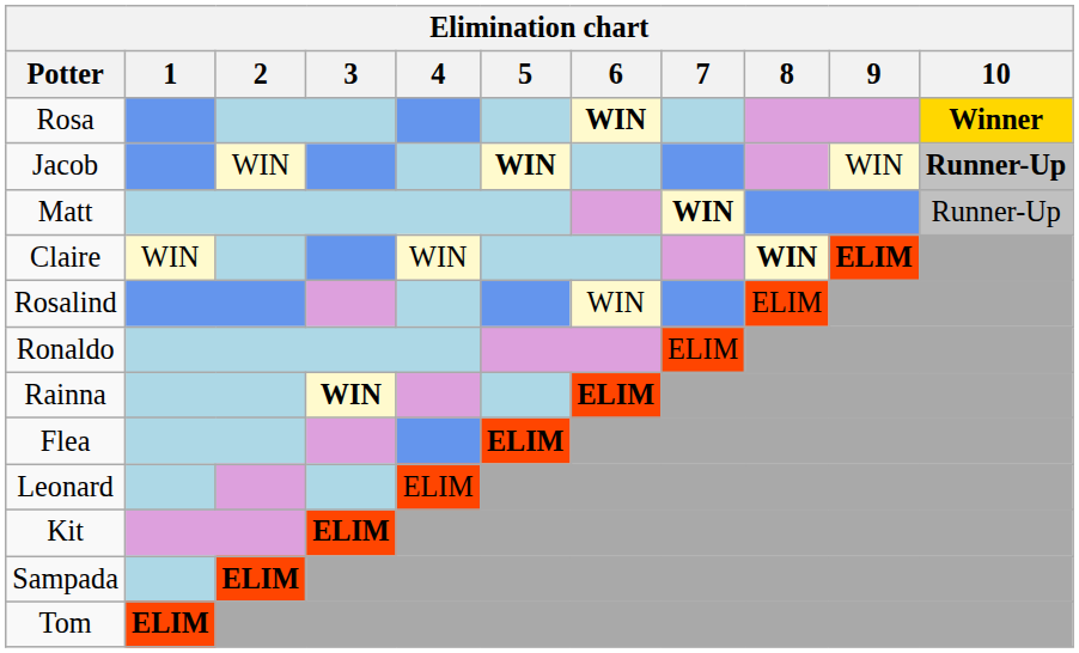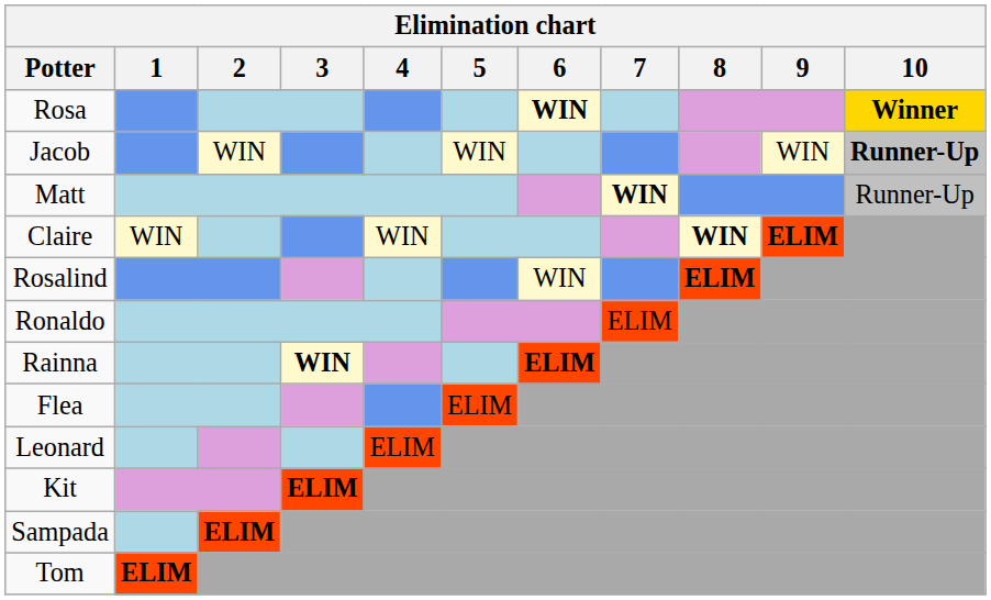 <table class="wikitable" style="text-align:center">
 <tr>
 <th colspan="11">Elimination chart</th>
 </tr>
 <tr>
 <th>Potter</th>
 <th>1</th>
 <th>2</th>
 <th>3</th>
 <th>4</th>
 <th>5</th>
 <th>6</th>
 <th>7</th>
 <th>8</th>
 <th>9</th>
 <th>10</th>
 </tr>
 <tr>
 <td>Rosa</td>
 <td style="background:Cornflowerblue;"></td>
 <td colspan="2"  style="background:Lightblue;"></td>
 <td style="background:Cornflowerblue;"></td>
 <td style="background:Lightblue;"></td>
 <td style="background:LemonChiffon;"><strong>WIN</strong></td>
 <td style="background:Lightblue;"></td>
 <td colspan="2" style="background:Plum;"></td>
 <td style="background:gold;"><strong>Winner</strong></td>
 </tr>
 <tr>
 <td>Jacob</td>
 <td style="background:Cornflowerblue;"></td>
 <td style="background:LemonChiffon;">WIN</td>
 <td style="background:Cornflowerblue;"></td>
 <td style="background:Lightblue;"></td>
-<td style="background:LemonChiffon;"><strong>WIN</strong></td>
+<td style="background:LemonChiffon;">WIN</td>
 <td style="background:Lightblue;"></td>
 <td style="background:Cornflowerblue;"></td>
 <td style="background:Plum;"></td>
 <td style="background:LemonChiffon;">WIN</td>
 <td style="background:silver;"><strong>Runner-Up</strong></td>
 </tr>
 <tr>
 <td>Matt</td>
 <td colspan="5" style="background:Lightblue;"></td>
 <td style="background:Plum;"></td>
 <td style="background:LemonChiffon;"><strong>WIN</strong></td>
 <td colspan="2" style="background:Cornflowerblue;"></td>
 <td style="background:silver;">Runner-Up</td>
 </tr>
 <tr>
 <td>Claire</td>
 <td style="background:LemonChiffon;">WIN</td>
 <td style="background:Lightblue;"></td>
 <td style="background:Cornflowerblue;"></td>
 <td style="background:LemonChiffon;">WIN</td>
 <td colspan="2" style="background:Lightblue;"></td>
 <td style="background:Plum;"></td>
 <td style="background:LemonChiffon;"><strong>WIN</strong></td>
 <td style="background:OrangeRed;"><strong>ELIM</strong></td>
 <td colspan="9" style="background:darkgrey;"></td>
 </tr>
 <tr>
 <td>Rosalind</td>
 <td colspan="2" style="background:Cornflowerblue;"></td>
 <td style="background:Plum;"></td>
 <td style="background:Lightblue;"></td>
 <td style="background:Cornflowerblue;"></td>
 <td style="background:LemonChiffon;">WIN</td>
 <td style="background:Cornflowerblue;"></td>
-<td style="background:OrangeRed;">ELIM</td>
+<td style="background:OrangeRed;"><strong>ELIM</strong></td>
 <td colspan="9" style="background:darkgrey;"></td>
 </tr>
 <tr>
 <td>Ronaldo</td>
 <td colspan="4"  style="background:Lightblue;"></td>
 <td colspan="2" style="background:Plum;"></td>
 <td style="background:OrangeRed;">ELIM</td>
 <td colspan="9" style="background:darkgrey;"></td>
 </tr>
 <tr>
 <td>Rainna</td>
 <td colspan="2"  style="background:Lightblue;"></td>
 <td style="background:LemonChiffon;"><strong>WIN</strong></td>
 <td style="background:Plum;"></td>
 <td style="background:Lightblue;"></td>
 <td style="background:OrangeRed;"><strong>ELIM</strong></td>
 <td colspan="9" style="background:darkgrey;"></td>
 </tr>
 <tr>
 <td>Flea</td>
 <td colspan="2"  style="background:Lightblue;"></td>
 <td style="background:Plum;"></td>
 <td style="background:Cornflowerblue;"></td>
-<td style="background:OrangeRed;"><strong>ELIM</strong></td>
+<td style="background:OrangeRed;">ELIM</td>
 <td colspan="9" style="background:darkgrey;"></td>
 </tr>
 <tr>
 <td>Leonard</td>
 <td style="background:Lightblue;"></td>
 <td style="background:Plum;"></td>
 <td style="background:Lightblue;"></td>
 <td style="background:OrangeRed;">ELIM</td>
 <td colspan="9" style="background:darkgrey;"></td>
 </tr>
 <tr>
 <td>Kit</td>
 <td colspan="2"  style="background:Plum;"></td>
 <td style="background:OrangeRed;"><strong>ELIM</strong></td>
 <td colspan="9" style="background:darkgrey;"></td>
 </tr>
 <tr>
 <td>Sampada</td>
 <td style="background:Lightblue;"></td>
 <td style="background:OrangeRed;"><strong>ELIM</strong></td>
 <td colspan="9" style="background:darkgrey;"></td>
 </tr>
 <tr>
 <td>Tom</td>
 <td style="background:OrangeRed;"><strong>ELIM</strong></td>
 <td colspan="9" style="background:darkgrey;"></td>
 </tr>
 </table>
